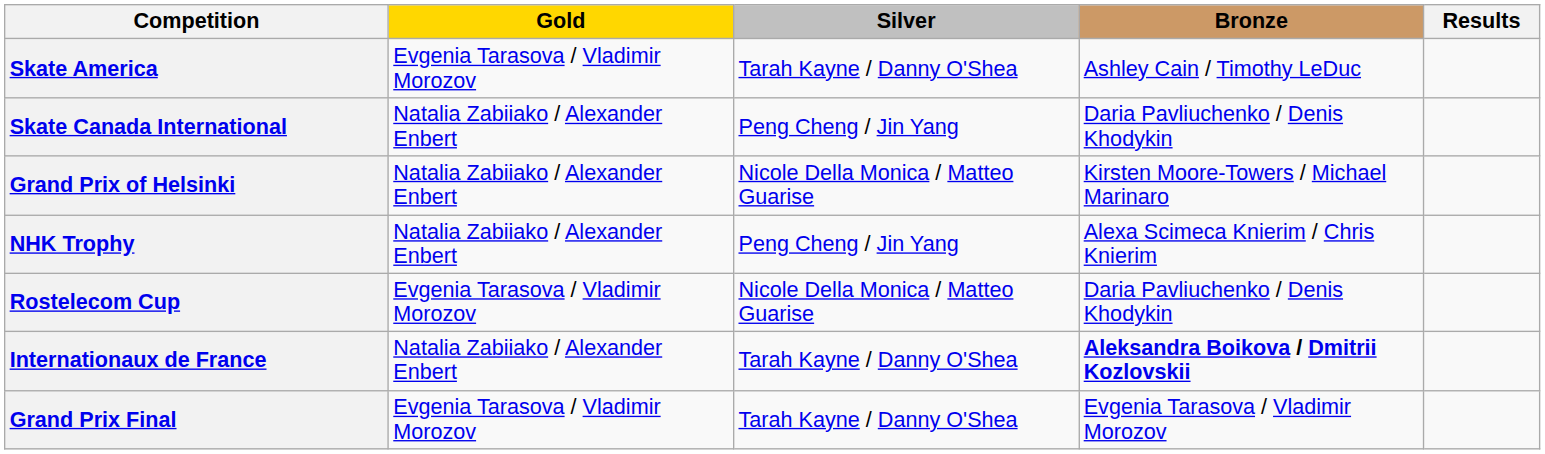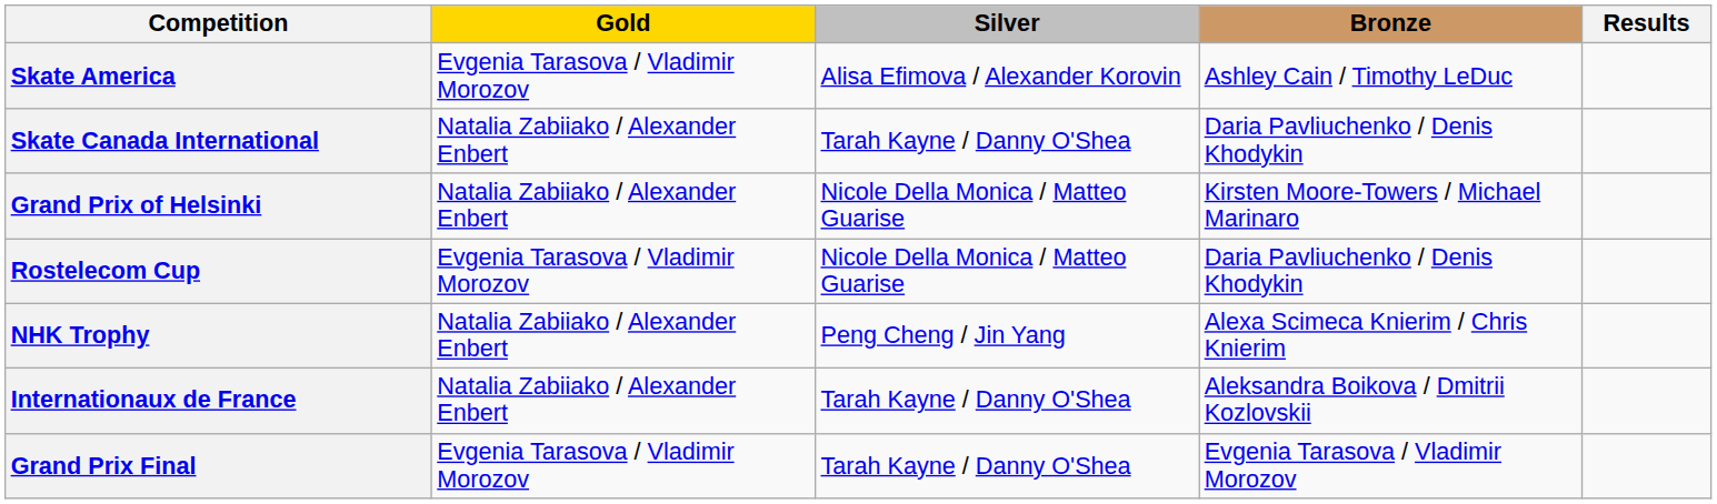 <table class="wikitable unsortable" style="text-align:left; width:90%">
 <tr>
 <th scope="col" style="text-align:center; width:25%;">Competition</th>
 <td scope="col" style="text-align:center; width:22.5%; background:gold"><strong>Gold</strong></td>
 <td scope="col" style="text-align:center; width:22.5%; background:silver"><strong>Silver</strong></td>
 <td scope="col" style="text-align:center; width:22.5%; background:#c96"><strong>Bronze</strong></td>
 <th scope="col" style="text-align:center; width:7.5%;">Results</th>
 </tr>
 <tr>
 <th scope="row" style="text-align:left"> <a href='#'>Skate America</a></th>
 <td> <a href='#'>Evgenia Tarasova</a> / <a href='#'>Vladimir Morozov</a></td>
-<td> <a href='#'>Tarah Kayne</a> / <a href='#'>Danny O'Shea</a></td>
+<td> <a href='#'>Alisa Efimova</a> / <a href='#'>Alexander Korovin</a></td>
 <td> <a href='#'>Ashley Cain</a> / <a href='#'>Timothy LeDuc</a></td>
 <td></td>
 </tr>
 <tr>
 <th scope="row" style="text-align:left"> <a href='#'>Skate Canada International</a></th>
 <td> <a href='#'>Natalia Zabiiako</a> / <a href='#'>Alexander Enbert</a></td>
-<td> <a href='#'>Peng Cheng</a> / <a href='#'>Jin Yang</a></td>
+<td> <a href='#'>Tarah Kayne</a> / <a href='#'>Danny O'Shea</a></td>
 <td> <a href='#'>Daria Pavliuchenko</a> / <a href='#'>Denis Khodykin</a></td>
 <td></td>
 </tr>
 <tr>
 <th scope="row" style="text-align:left"> <a href='#'>Grand Prix of Helsinki</a></th>
 <td> <a href='#'>Natalia Zabiiako</a> / <a href='#'>Alexander Enbert</a></td>
 <td> <a href='#'>Nicole Della Monica</a> / <a href='#'>Matteo Guarise</a></td>
 <td> <a href='#'>Kirsten Moore-Towers</a> / <a href='#'>Michael Marinaro</a></td>
 <td></td>
 </tr>
 <tr>
+<th scope="row" style="text-align:left"> <a href='#'>Rostelecom Cup</a></th>
+<td> <a href='#'>Evgenia Tarasova</a> / <a href='#'>Vladimir Morozov</a></td>
+<td> <a href='#'>Nicole Della Monica</a> / <a href='#'>Matteo Guarise</a></td>
+<td> <a href='#'>Daria Pavliuchenko</a> / <a href='#'>Denis Khodykin</a></td>
+<td></td>
+</tr>
+<tr>
 <th scope="row" style="text-align:left"> <a href='#'>NHK Trophy</a></th>
 <td> <a href='#'>Natalia Zabiiako</a> / <a href='#'>Alexander Enbert</a></td>
 <td> <a href='#'>Peng Cheng</a> / <a href='#'>Jin Yang</a></td>
 <td> <a href='#'>Alexa Scimeca Knierim</a> / <a href='#'>Chris Knierim</a></td>
 <td></td>
 </tr>
 <tr>
-<th scope="row" style="text-align:left"> <a href='#'>Rostelecom Cup</a></th>
-<td> <a href='#'>Evgenia Tarasova</a> / <a href='#'>Vladimir Morozov</a></td>
-<td> <a href='#'>Nicole Della Monica</a> / <a href='#'>Matteo Guarise</a></td>
-<td> <a href='#'>Daria Pavliuchenko</a> / <a href='#'>Denis Khodykin</a></td>
-<td></td>
-</tr>
-<tr>
 <th scope="row" style="text-align:left"> <a href='#'>Internationaux de France</a></th>
 <td> <a href='#'>Natalia Zabiiako</a> / <a href='#'>Alexander Enbert</a></td>
 <td> <a href='#'>Tarah Kayne</a> / <a href='#'>Danny O'Shea</a></td>
-<td><strong> <a href='#'>Aleksandra Boikova</a> / <a href='#'>Dmitrii Kozlovskii</a></strong></td>
+<td> <a href='#'>Aleksandra Boikova</a> / <a href='#'>Dmitrii Kozlovskii</a></td>
 <td></td>
 </tr>
 <tr>
 <th scope="row" style="text-align:left"> <a href='#'>Grand Prix Final</a></th>
 <td> <a href='#'>Evgenia Tarasova</a> / <a href='#'>Vladimir Morozov</a></td>
 <td> <a href='#'>Tarah Kayne</a> / <a href='#'>Danny O'Shea</a></td>
 <td> <a href='#'>Evgenia Tarasova</a> / <a href='#'>Vladimir Morozov</a></td>
 <td></td>
 </tr>
 </table>
